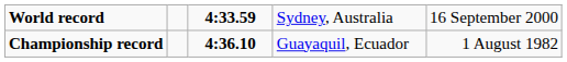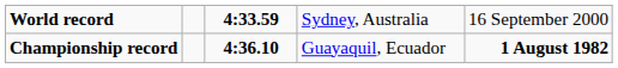 <table class="wikitable">
 <tr>
 <td><strong>World record</strong></td>
 <td style="padding-right:1em"></td>
 <td style="text-align:center;padding-left:1em; padding-right:1em;"><strong>4:33.59</strong></td>
 <td style="padding-right:1em"><a href='#'>Sydney</a>, Australia</td>
 <td align=right>16 September 2000</td>
 </tr>
 <tr>
 <td><strong>Championship record</strong></td>
 <td style="padding-right:1em"></td>
 <td style="text-align:center;padding-left:1em; padding-right:1em;"><strong>4:36.10</strong></td>
 <td style="padding-right:1em"><a href='#'>Guayaquil</a>, Ecuador</td>
-<td align=right>1 August 1982</td>
+<td align=right><strong>1 August 1982</strong></td>
 </tr>
 </table>
